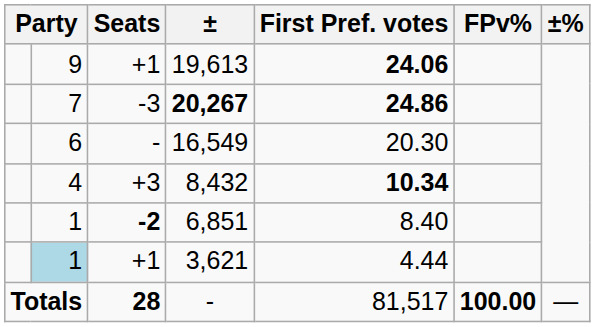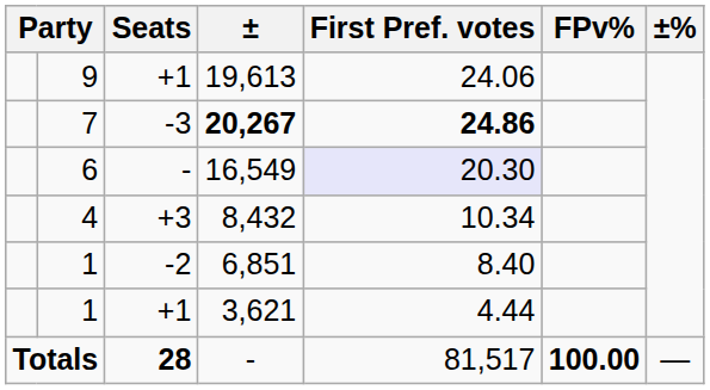 <table class=wikitable>
 <tr>
 <th colspan=2 align=center>Party</th>
 <th valign=top>Seats</th>
 <th valign=top>±</th>
 <th valign=top>First Pref. votes</th>
 <th valign=top>FPv%</th>
 <th valign=top>±%</th>
 </tr>
 <tr>
 <td></td>
 <td align=right>9</td>
 <td align=right>+1</td>
 <td align=right>19,613</td>
-<td align=right><strong>24.06</strong></td>
+<td align=right>24.06</td>
 <td align=right></td>
 </tr>
 <tr>
 <td></td>
 <td align=right>7</td>
 <td align=right>-3</td>
 <td align=right><strong>20,267</strong></td>
 <td align=right><strong>24.86</strong></td>
 <td align=right></td>
 </tr>
 <tr>
 <td></td>
 <td align=right>6</td>
 <td align=right>-</td>
 <td align=right>16,549</td>
-<td align=right>20.30</td>
+<td align=right style="background: lavender;">20.30</td>
 <td align=right></td>
 </tr>
 <tr>
 <td></td>
 <td align=right>4</td>
 <td align=right>+3</td>
 <td align=right>8,432</td>
-<td align=right><strong>10.34</strong></td>
+<td align=right>10.34</td>
 <td align=right></td>
 </tr>
 <tr>
 <td></td>
 <td align=right>1</td>
-<td align=right><strong>-2</strong></td>
+<td align=right>-2</td>
 <td align=right>6,851</td>
 <td align=right>8.40</td>
 <td align=right></td>
 </tr>
 <tr>
 <td></td>
-<td align=right style="background: lightblue;">1</td>
+<td align=right>1</td>
 <td align=right>+1</td>
 <td align=right>3,621</td>
 <td align=right>4.44</td>
 <td align=right></td>
 </tr>
 <tr>
 <td colspan=2 align=center><strong>Totals</strong></td>
 <td align=right><strong>28</strong></td>
 <td align=center>-</td>
 <td align=right>81,517</td>
 <td align=center><strong>100.00</strong></td>
 <td align=center>—</td>
 </tr>
 </table>
